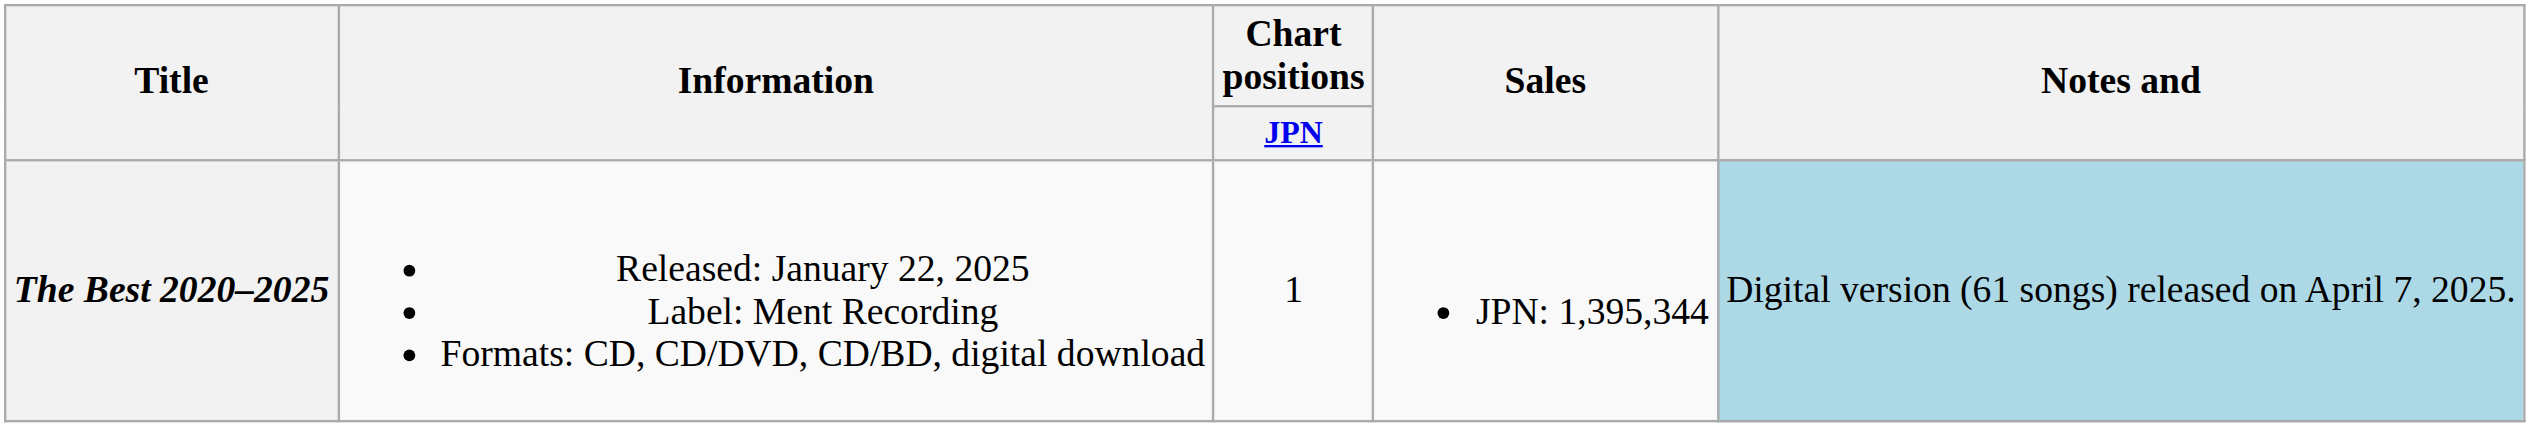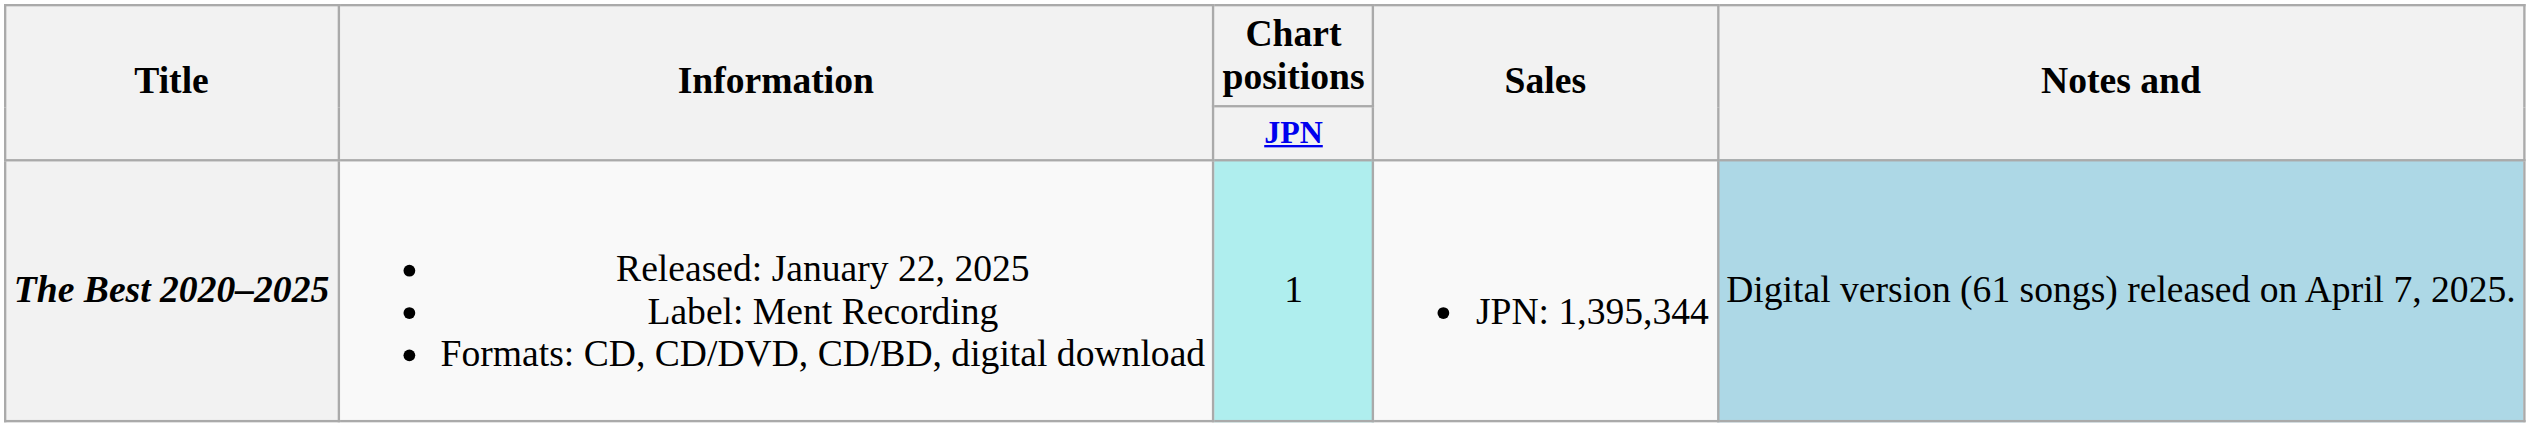 <table class="wikitable plainrowheaders" style="text-align:center;">
 <tr>
 <th scope="col" rowspan="2">Title</th>
 <th scope="col" rowspan="2">Information</th>
 <th scope="col" colspan="1">Chart positions</th>
 <th scope="col" rowspan="2">Sales</th>
 <th scope="col" rowspan="2">Notes and </th>
 </tr>
 <tr>
 <th scope="col" style="width:3em;font-size:85%;"><a href='#'>JPN</a><br></th>
 </tr>
 <tr>
 <th scope="row"><em>The Best 2020–2025</em></th>
 <td><br><ul><li>Released: January 22, 2025</li><li>Label: Ment Recording</li><li>Formats: CD, CD/DVD, CD/BD, digital download</li></ul></td>
-<td>1</td>
+<td style="background: paleturquoise;">1</td>
 <td><br><ul><li>JPN: 1,395,344</li></ul></td>
 <td style="background: lightblue;">Digital version (61 songs) released on April 7, 2025.</td>
 </tr>
 </table>
